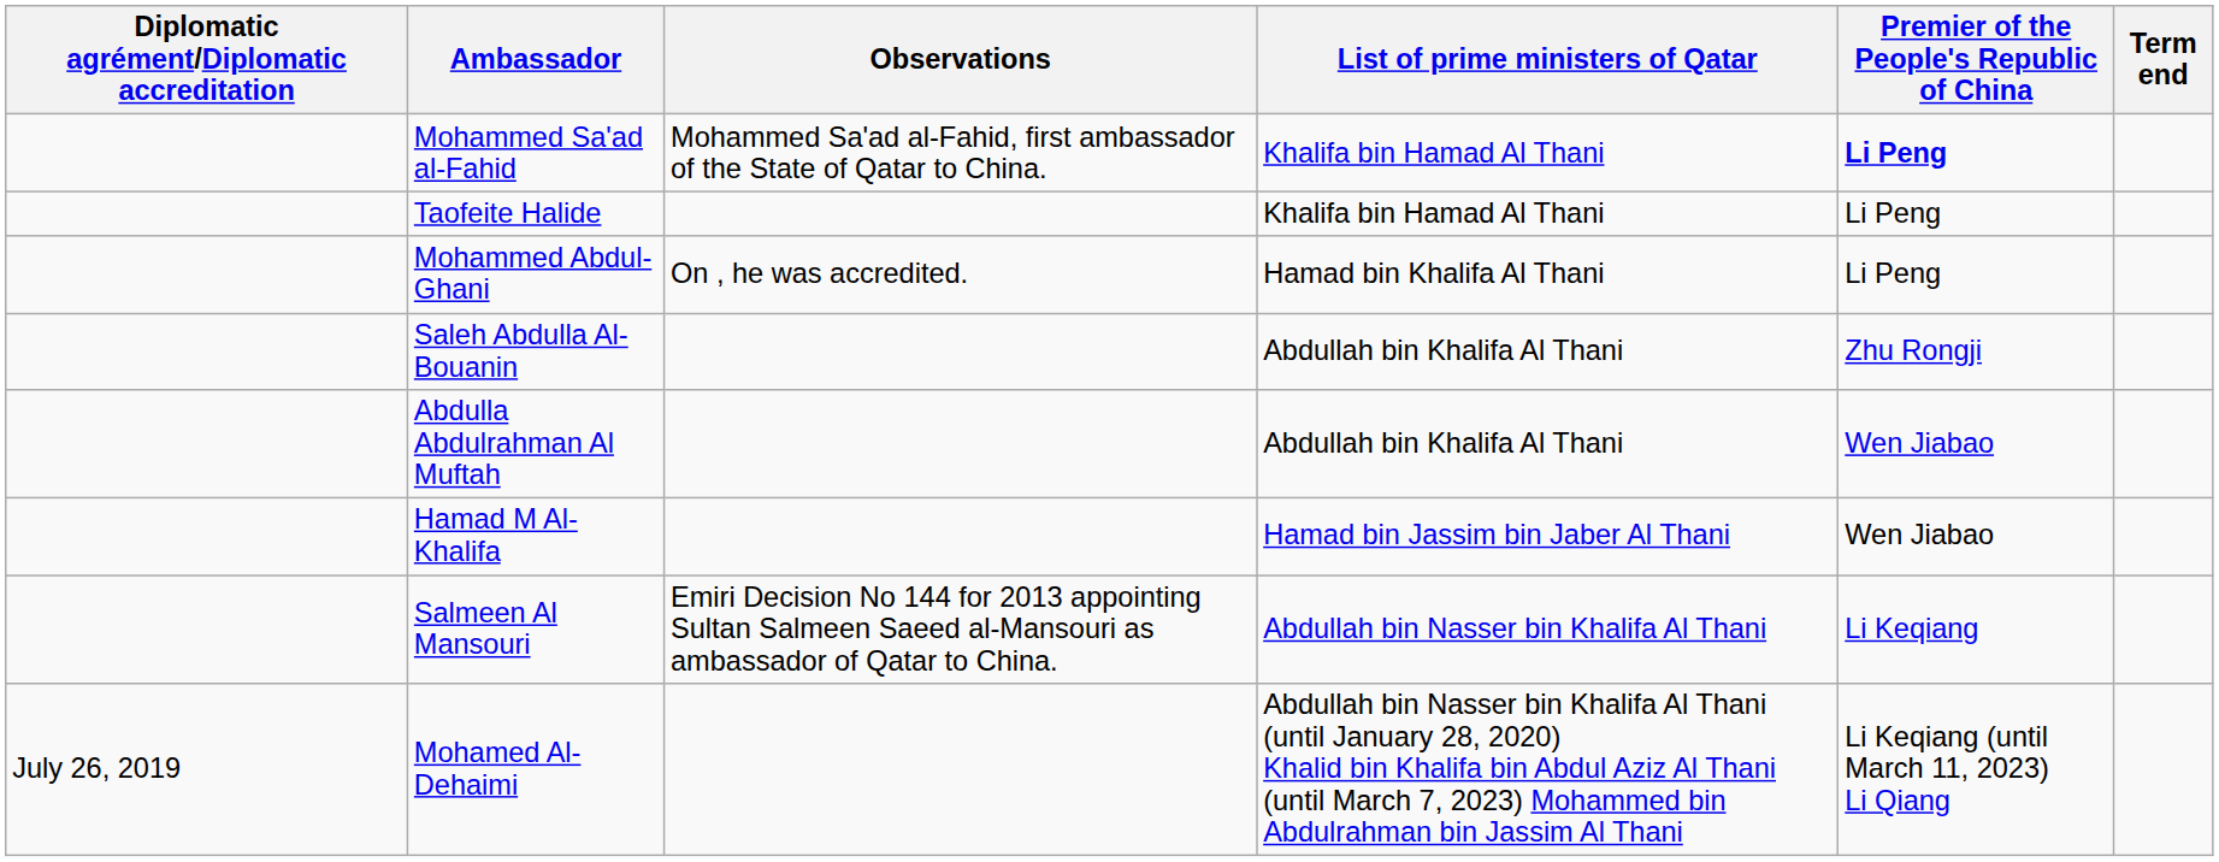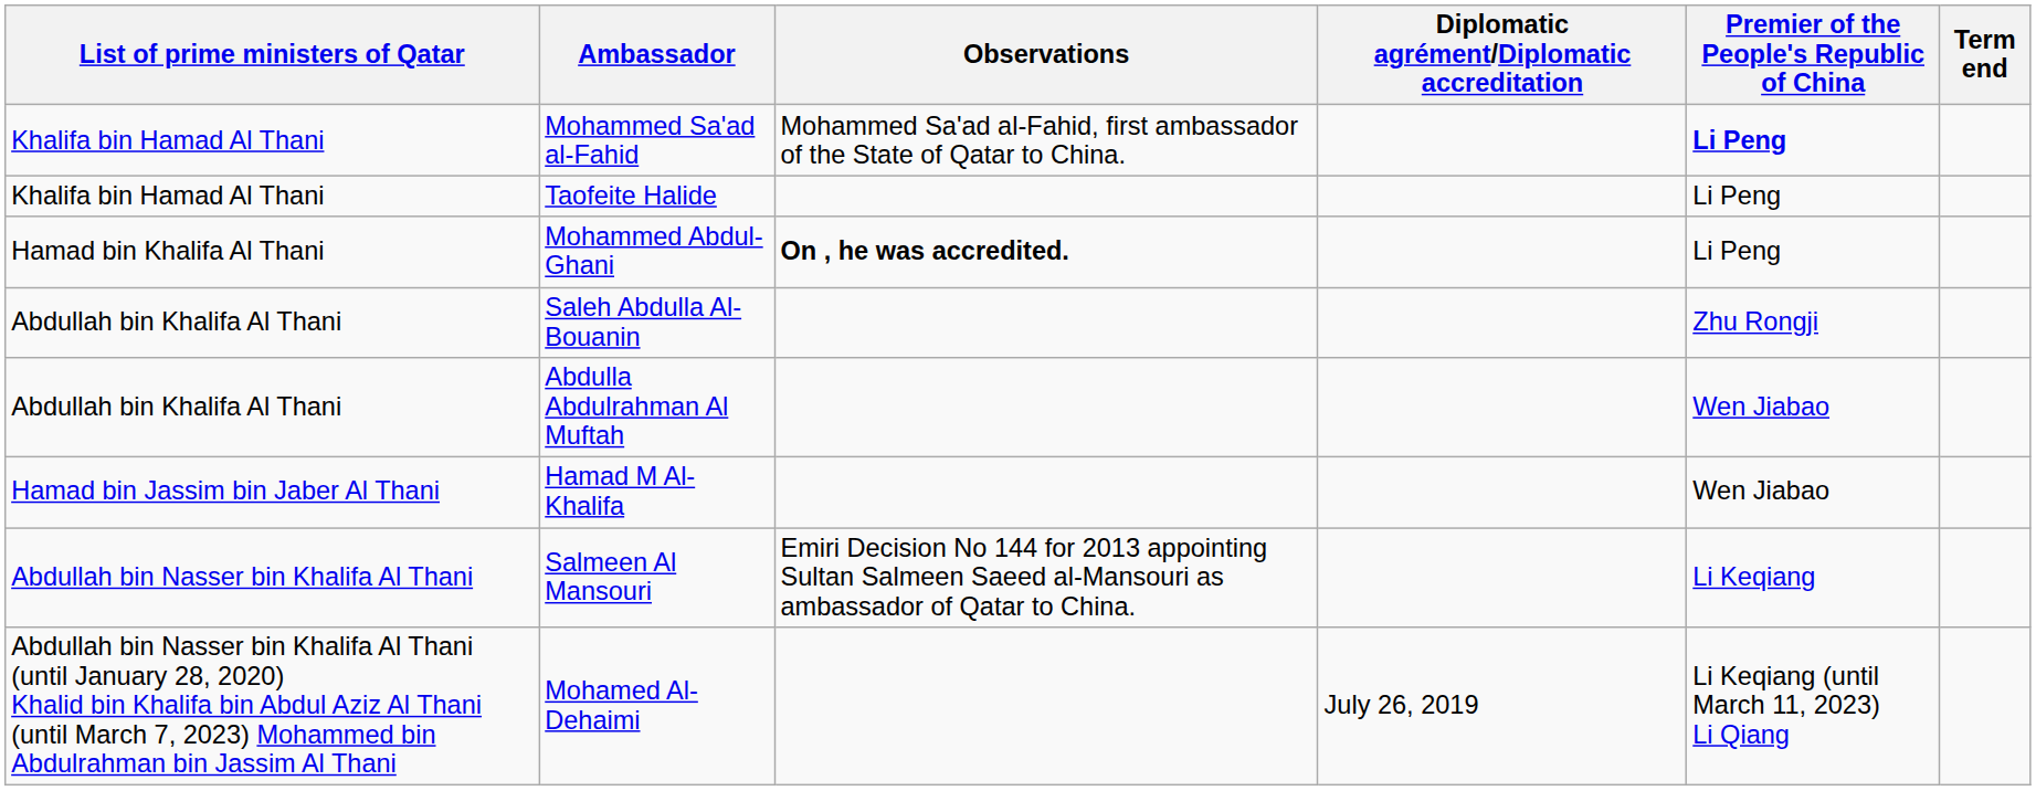 <table class="wikitable sortable">
 <tr>
-<th>Diplomatic <a href='#'>agrément</a>/<a href='#'>Diplomatic accreditation</a></th>
+<th><a href='#'>List of prime ministers of Qatar</a></th>
 <th><a href='#'>Ambassador</a></th>
 <th>Observations</th>
-<th><a href='#'>List of prime ministers of Qatar</a></th>
+<th>Diplomatic <a href='#'>agrément</a>/<a href='#'>Diplomatic accreditation</a></th>
 <th><a href='#'>Premier of the People's Republic of China</a></th>
 <th>Term end</th>
 </tr>
 <tr>
-<td></td>
+<td><a href='#'>Khalifa bin Hamad Al Thani</a></td>
 <td><a href='#'>Mohammed Sa'ad al-Fahid</a></td>
 <td>Mohammed Sa'ad al-Fahid, first ambassador of the State of Qatar to China.</td>
-<td><a href='#'>Khalifa bin Hamad Al Thani</a></td>
+<td></td>
 <td><strong><a href='#'>Li Peng</a></strong></td>
 <td></td>
 </tr>
 <tr>
-<td></td>
+<td>Khalifa bin Hamad Al Thani</td>
 <td><a href='#'>Taofeite Halide</a></td>
 <td></td>
-<td>Khalifa bin Hamad Al Thani</td>
+<td></td>
 <td>Li Peng</td>
 <td></td>
 </tr>
 <tr>
+<td>Hamad bin Khalifa Al Thani</td>
+<td><a href='#'>Mohammed Abdul-Ghani</a></td>
+<td><strong>On , he was accredited.</strong></td>
 <td></td>
-<td><a href='#'>Mohammed Abdul-Ghani</a></td>
-<td>On , he was accredited.</td>
-<td>Hamad bin Khalifa Al Thani</td>
 <td>Li Peng</td>
 <td></td>
 </tr>
 <tr>
-<td></td>
+<td>Abdullah bin Khalifa Al Thani</td>
 <td><a href='#'>Saleh Abdulla Al-Bouanin</a></td>
 <td></td>
-<td>Abdullah bin Khalifa Al Thani</td>
+<td></td>
 <td><a href='#'>Zhu Rongji</a></td>
 <td></td>
 </tr>
 <tr>
-<td></td>
+<td>Abdullah bin Khalifa Al Thani</td>
 <td><a href='#'>Abdulla Abdulrahman Al Muftah</a></td>
 <td></td>
-<td>Abdullah bin Khalifa Al Thani</td>
+<td></td>
 <td><a href='#'>Wen Jiabao</a></td>
 <td></td>
 </tr>
 <tr>
-<td></td>
+<td><a href='#'>Hamad bin Jassim bin Jaber Al Thani</a></td>
 <td><a href='#'>Hamad M Al-Khalifa</a></td>
 <td></td>
-<td><a href='#'>Hamad bin Jassim bin Jaber Al Thani</a></td>
+<td></td>
 <td>Wen Jiabao</td>
 <td></td>
 </tr>
 <tr>
-<td></td>
+<td><a href='#'>Abdullah bin Nasser bin Khalifa Al Thani</a></td>
 <td><a href='#'>Salmeen Al Mansouri</a></td>
 <td>Emiri Decision No 144 for 2013 appointing Sultan Salmeen Saeed al-Mansouri as ambassador of Qatar to China.</td>
-<td><a href='#'>Abdullah bin Nasser bin Khalifa Al Thani</a></td>
+<td></td>
 <td><a href='#'>Li Keqiang</a></td>
 <td></td>
 </tr>
 <tr>
-<td>July 26, 2019</td>
+<td>Abdullah bin Nasser bin Khalifa Al Thani (until January 28, 2020)<br><a href='#'>Khalid bin Khalifa bin Abdul Aziz Al Thani</a> (until March 7, 2023) <a href='#'>Mohammed bin Abdulrahman bin Jassim Al Thani</a></td>
 <td><a href='#'>Mohamed Al-Dehaimi</a></td>
 <td></td>
-<td>Abdullah bin Nasser bin Khalifa Al Thani (until January 28, 2020)<br><a href='#'>Khalid bin Khalifa bin Abdul Aziz Al Thani</a> (until March 7, 2023) <a href='#'>Mohammed bin Abdulrahman bin Jassim Al Thani</a></td>
+<td>July 26, 2019</td>
 <td>Li Keqiang (until March 11, 2023)<br><a href='#'>Li Qiang</a></td>
 <td></td>
 </tr>
 </table>
